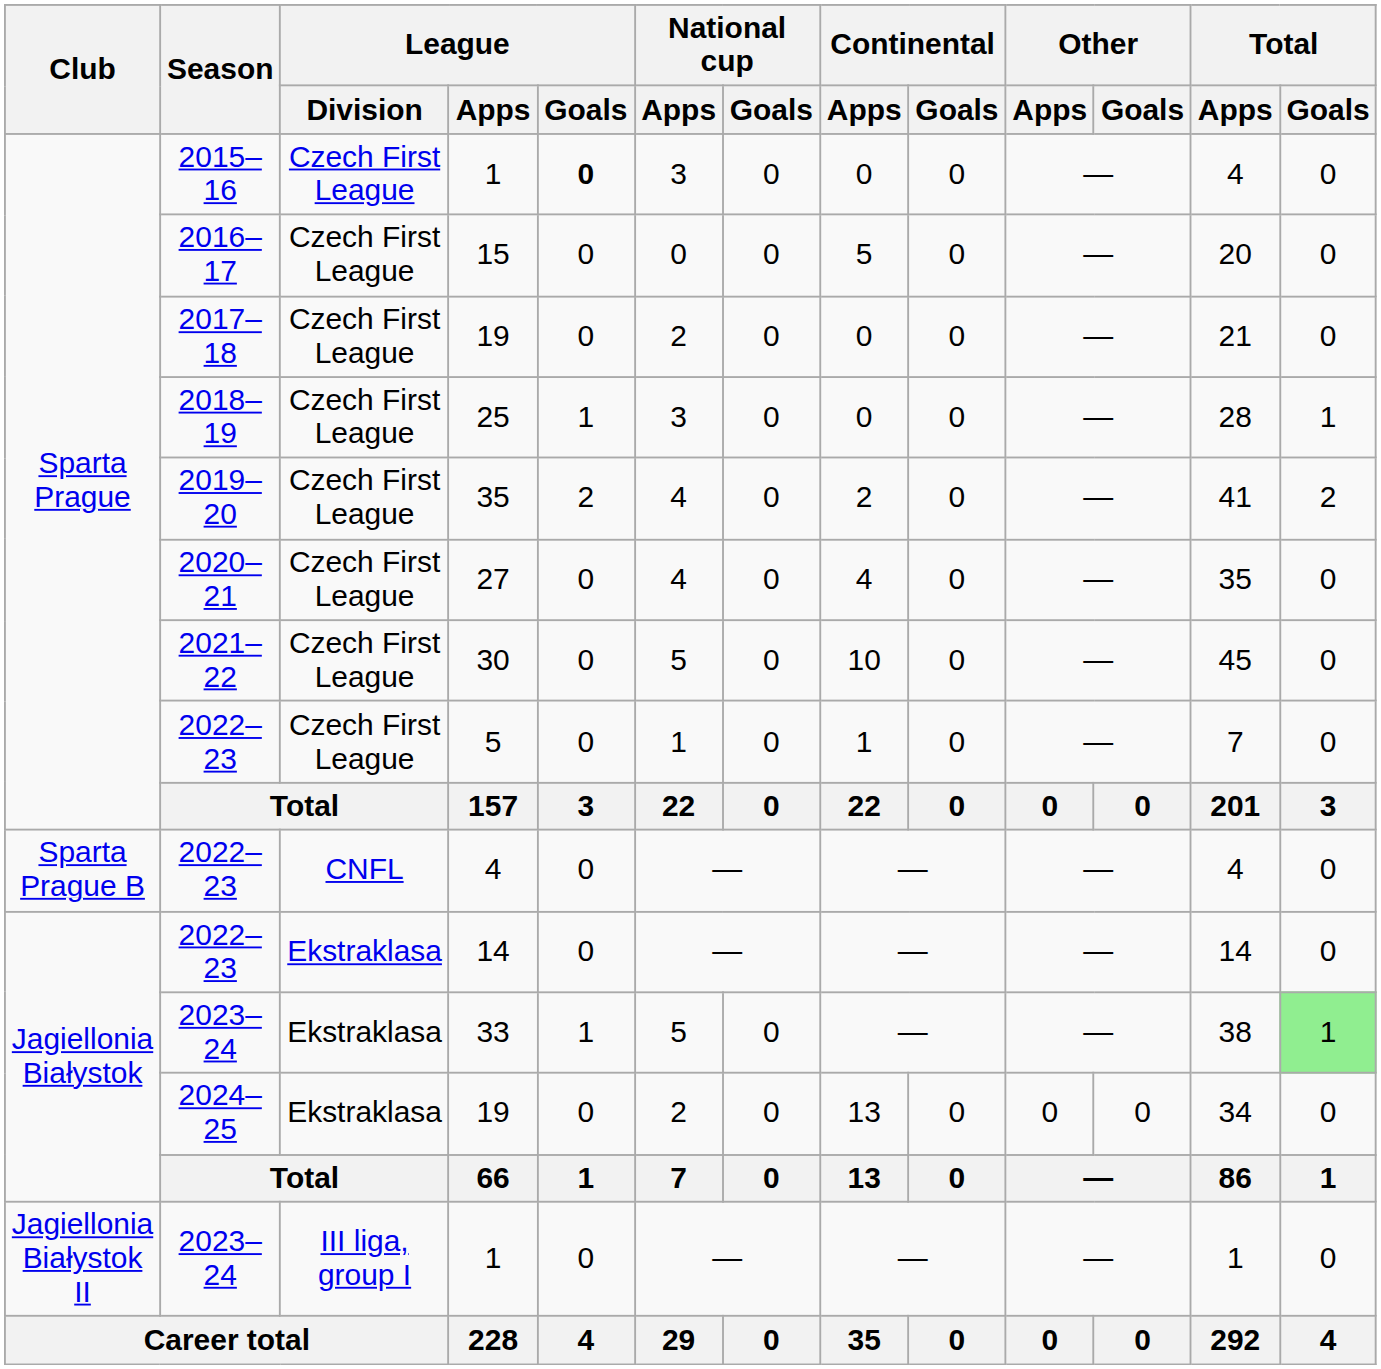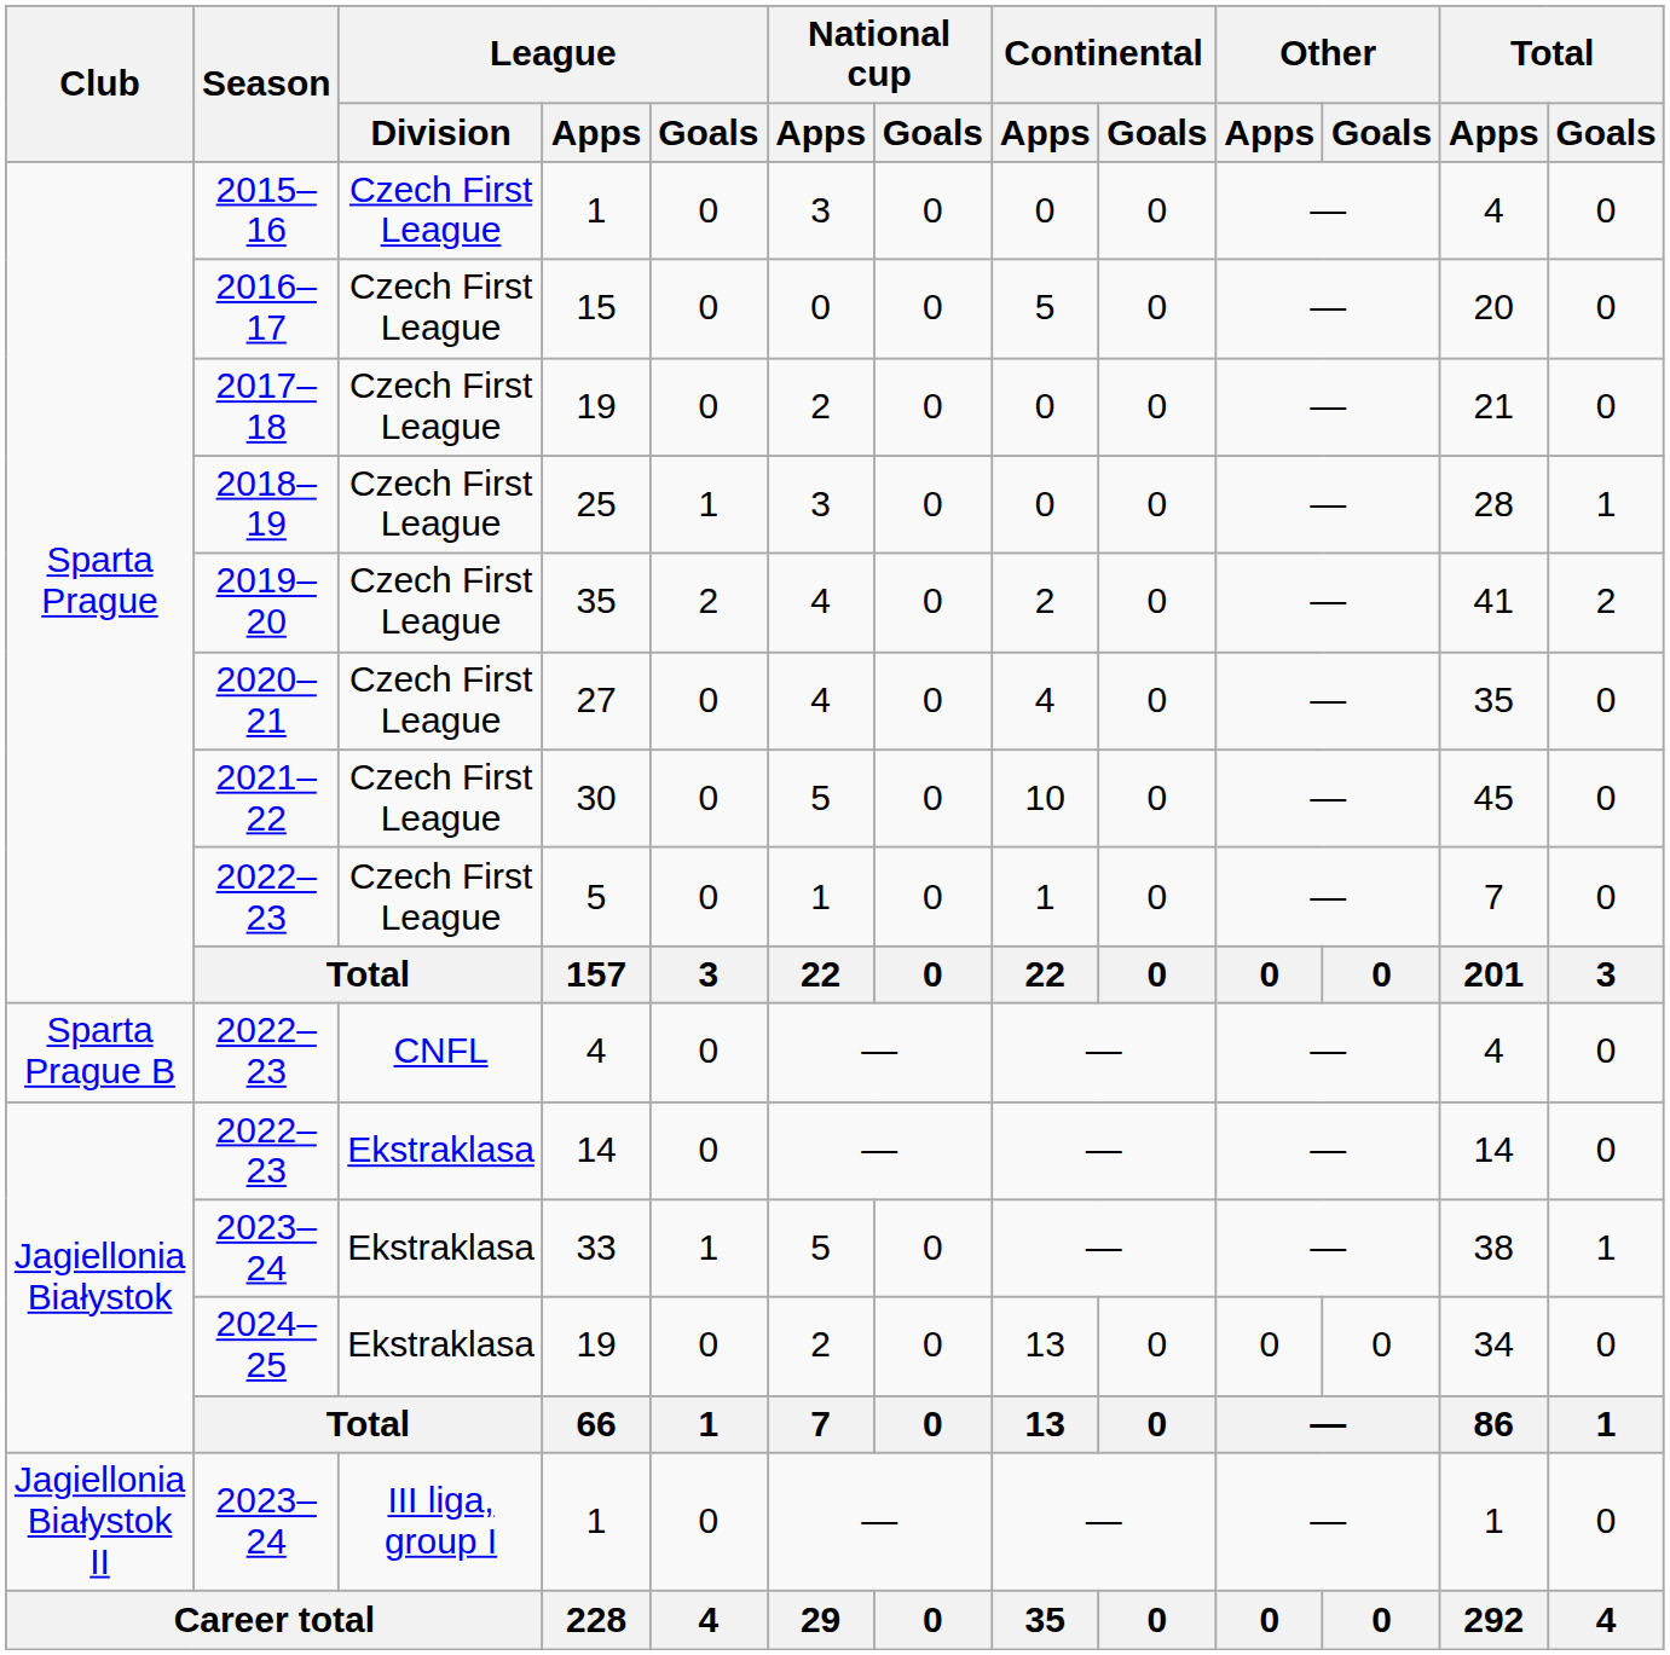 <table class="wikitable" style="text-align: center;">
 <tr>
 <th rowspan=2>Club</th>
 <th rowspan=2>Season</th>
 <th colspan=3>League</th>
 <th colspan=2>National cup</th>
 <th colspan=2>Continental</th>
 <th colspan=2>Other</th>
 <th colspan=2>Total</th>
 </tr>
 <tr>
 <th>Division</th>
 <th>Apps</th>
 <th>Goals</th>
 <th>Apps</th>
 <th>Goals</th>
 <th>Apps</th>
 <th>Goals</th>
 <th>Apps</th>
 <th>Goals</th>
 <th>Apps</th>
 <th>Goals</th>
 </tr>
 <tr>
 <td rowspan="9"><a href='#'>Sparta Prague</a></td>
 <td><a href='#'>2015–16</a></td>
 <td><a href='#'>Czech First League</a></td>
 <td>1</td>
-<td><strong>0</strong></td>
+<td>0</td>
 <td>3</td>
 <td>0</td>
 <td>0</td>
 <td>0</td>
 <td colspan="2">—</td>
 <td>4</td>
 <td>0</td>
 </tr>
 <tr>
 <td><a href='#'>2016–17</a></td>
 <td>Czech First League</td>
 <td>15</td>
 <td>0</td>
 <td>0</td>
 <td>0</td>
 <td>5</td>
 <td>0</td>
 <td colspan="2">—</td>
 <td>20</td>
 <td>0</td>
 </tr>
 <tr>
 <td><a href='#'>2017–18</a></td>
 <td>Czech First League</td>
 <td>19</td>
 <td>0</td>
 <td>2</td>
 <td>0</td>
 <td>0</td>
 <td>0</td>
 <td colspan="2">—</td>
 <td>21</td>
 <td>0</td>
 </tr>
 <tr>
 <td><a href='#'>2018–19</a></td>
 <td>Czech First League</td>
 <td>25</td>
 <td>1</td>
 <td>3</td>
 <td>0</td>
 <td>0</td>
 <td>0</td>
 <td colspan="2">—</td>
 <td>28</td>
 <td>1</td>
 </tr>
 <tr>
 <td><a href='#'>2019–20</a></td>
 <td>Czech First League</td>
 <td>35</td>
 <td>2</td>
 <td>4</td>
 <td>0</td>
 <td>2</td>
 <td>0</td>
 <td colspan="2">—</td>
 <td>41</td>
 <td>2</td>
 </tr>
 <tr>
 <td><a href='#'>2020–21</a></td>
 <td>Czech First League</td>
 <td>27</td>
 <td>0</td>
 <td>4</td>
 <td>0</td>
 <td>4</td>
 <td>0</td>
 <td colspan="2">—</td>
 <td>35</td>
 <td>0</td>
 </tr>
 <tr>
 <td><a href='#'>2021–22</a></td>
 <td>Czech First League</td>
 <td>30</td>
 <td>0</td>
 <td>5</td>
 <td>0</td>
 <td>10</td>
 <td>0</td>
 <td colspan="2">—</td>
 <td>45</td>
 <td>0</td>
 </tr>
 <tr>
 <td><a href='#'>2022–23</a></td>
 <td>Czech First League</td>
 <td>5</td>
 <td>0</td>
 <td>1</td>
 <td>0</td>
 <td>1</td>
 <td>0</td>
 <td colspan="2">—</td>
 <td>7</td>
 <td>0</td>
 </tr>
 <tr>
 <th colspan="2">Total</th>
 <th>157</th>
 <th>3</th>
 <th>22</th>
 <th>0</th>
 <th>22</th>
 <th>0</th>
 <th>0</th>
 <th>0</th>
 <th>201</th>
 <th>3</th>
 </tr>
 <tr>
 <td><a href='#'>Sparta Prague B</a></td>
 <td><a href='#'>2022–23</a></td>
 <td><a href='#'>CNFL</a></td>
 <td>4</td>
 <td>0</td>
 <td colspan="2">—</td>
 <td colspan="2">—</td>
 <td colspan="2">—</td>
 <td>4</td>
 <td>0</td>
 </tr>
 <tr>
 <td rowspan="4"><a href='#'>Jagiellonia Białystok</a></td>
 <td><a href='#'>2022–23</a></td>
 <td><a href='#'>Ekstraklasa</a></td>
 <td>14</td>
 <td>0</td>
 <td colspan="2">—</td>
 <td colspan="2">—</td>
 <td colspan="2">—</td>
 <td>14</td>
 <td>0</td>
 </tr>
 <tr>
 <td><a href='#'>2023–24</a></td>
 <td>Ekstraklasa</td>
 <td>33</td>
 <td>1</td>
 <td>5</td>
 <td>0</td>
 <td colspan="2">—</td>
 <td colspan="2">—</td>
 <td>38</td>
-<td style="background: lightgreen;">1</td>
+<td>1</td>
 </tr>
 <tr>
 <td><a href='#'>2024–25</a></td>
 <td>Ekstraklasa</td>
 <td>19</td>
 <td>0</td>
 <td>2</td>
 <td>0</td>
 <td>13</td>
 <td>0</td>
 <td>0</td>
 <td>0</td>
 <td>34</td>
 <td>0</td>
 </tr>
 <tr>
 <th colspan="2">Total</th>
 <th>66</th>
 <th>1</th>
 <th>7</th>
 <th>0</th>
 <th>13</th>
 <th>0</th>
 <th colspan="2">—</th>
 <th>86</th>
 <th>1</th>
 </tr>
 <tr>
 <td><a href='#'>Jagiellonia Białystok II</a></td>
 <td><a href='#'>2023–24</a></td>
 <td><a href='#'>III liga, group I</a></td>
 <td>1</td>
 <td>0</td>
 <td colspan="2">—</td>
 <td colspan="2">—</td>
 <td colspan="2">—</td>
 <td>1</td>
 <td>0</td>
 </tr>
 <tr>
 <th colspan="3">Career total</th>
 <th>228</th>
 <th>4</th>
 <th>29</th>
 <th>0</th>
 <th>35</th>
 <th>0</th>
 <th>0</th>
 <th>0</th>
 <th>292</th>
 <th>4</th>
 </tr>
 </table>
